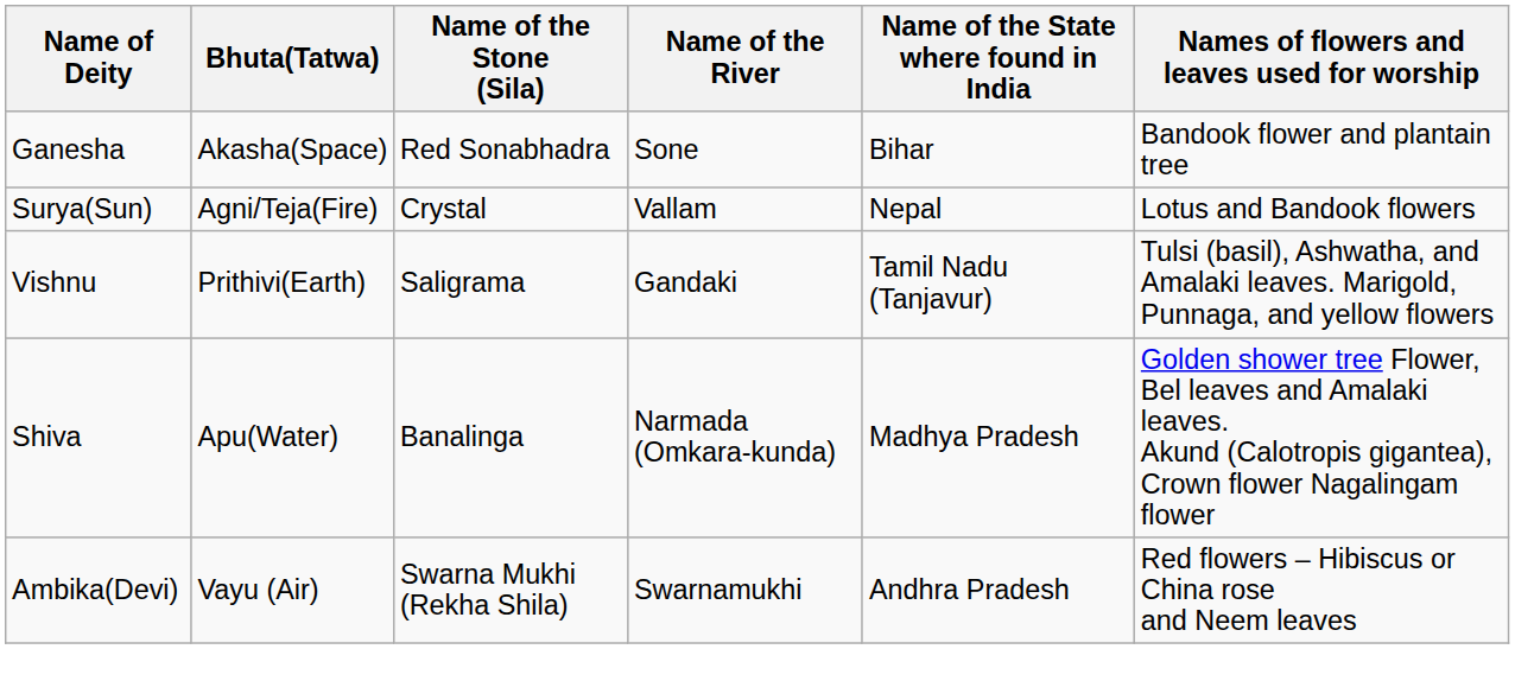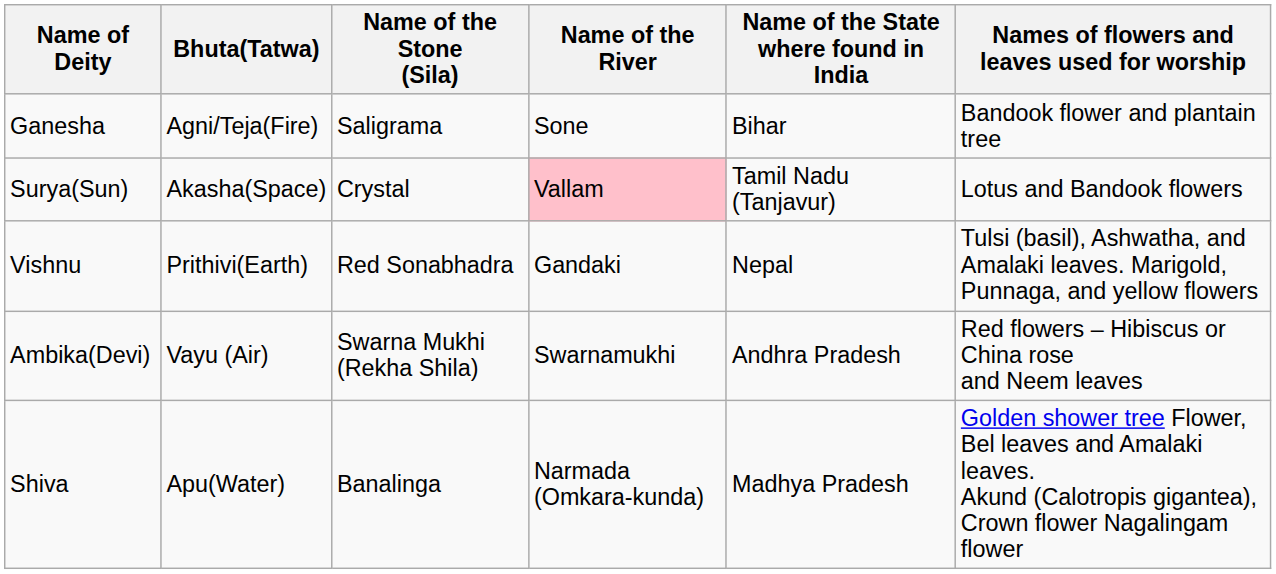 <table class="wikitable">
 <tr>
 <th>Name of Deity</th>
 <th>Bhuta(Tatwa)</th>
 <th>Name of the Stone<br>(Sila)</th>
 <th>Name of the River</th>
 <th>Name of the State where found in India</th>
 <th>Names of flowers and leaves used for worship</th>
 </tr>
 <tr>
 <td>Ganesha</td>
-<td>Akasha(Space)</td>
-<td>Red Sonabhadra</td>
+<td>Agni/Teja(Fire)</td>
+<td>Saligrama</td>
 <td>Sone</td>
 <td>Bihar</td>
 <td>Bandook flower and plantain tree</td>
 </tr>
 <tr>
 <td>Surya(Sun)</td>
-<td>Agni/Teja(Fire)</td>
+<td>Akasha(Space)</td>
 <td>Crystal</td>
-<td>Vallam</td>
-<td>Nepal</td>
+<td style="background: pink;">Vallam</td>
+<td>Tamil Nadu (Tanjavur)</td>
 <td>Lotus and Bandook flowers</td>
 </tr>
 <tr>
 <td>Vishnu</td>
 <td>Prithivi(Earth)</td>
-<td>Saligrama</td>
+<td>Red Sonabhadra</td>
 <td>Gandaki</td>
-<td>Tamil Nadu (Tanjavur)</td>
+<td>Nepal</td>
 <td>Tulsi (basil), Ashwatha, and<br>Amalaki leaves. Marigold, Punnaga, and yellow flowers</td>
+</tr>
+<tr>
+<td>Ambika(Devi)</td>
+<td>Vayu (Air)</td>
+<td>Swarna Mukhi (Rekha Shila)</td>
+<td>Swarnamukhi</td>
+<td>Andhra Pradesh</td>
+<td>Red flowers – Hibiscus or China rose<br>and Neem leaves</td>
 </tr>
 <tr>
 <td>Shiva</td>
 <td>Apu(Water)</td>
 <td>Banalinga</td>
 <td>Narmada (Omkara-kunda)</td>
 <td>Madhya Pradesh</td>
 <td><a href='#'>Golden shower tree</a> Flower, Bel leaves and Amalaki leaves.<br>Akund (Calotropis gigantea), Crown flower Nagalingam flower</td>
 </tr>
-<tr>
-<td>Ambika(Devi)</td>
-<td>Vayu (Air)</td>
-<td>Swarna Mukhi (Rekha Shila)</td>
-<td>Swarnamukhi</td>
-<td>Andhra Pradesh</td>
-<td>Red flowers – Hibiscus or China rose<br>and Neem leaves</td>
-</tr>
 </table>
